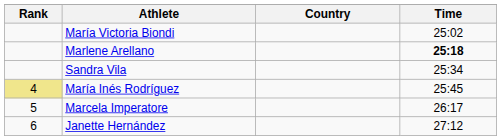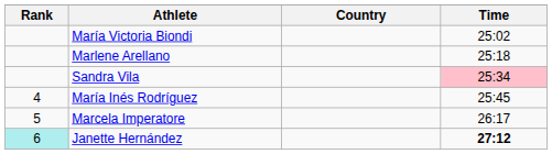 <table class="wikitable sortable" style=" text-align:center; font-size:95%;" width="50%">
 <tr>
 </tr>
 <tr>
 <th width=5%>Rank</th>
 <th width=20%>Athlete</th>
 <th width=15%>Country</th>
 <th width=10%>Time</th>
 </tr>
 <tr>
 <td align=center></td>
 <td align=left><a href='#'>María Victoria Biondi</a></td>
 <td align=left></td>
 <td>25:02</td>
 </tr>
 <tr>
 <td align=center></td>
 <td align=left><a href='#'>Marlene Arellano</a></td>
 <td align=left></td>
-<td><strong>25:18</strong></td>
+<td>25:18</td>
 </tr>
 <tr>
 <td align=center></td>
 <td align=left><a href='#'>Sandra Vila</a></td>
 <td align=left></td>
-<td>25:34</td>
+<td style="background: pink;">25:34</td>
 </tr>
 <tr>
-<td align=center style="background: khaki;">4</td>
+<td align=center>4</td>
 <td align=left><a href='#'>María Inés Rodríguez</a></td>
 <td align=left></td>
 <td>25:45</td>
 </tr>
 <tr>
 <td align=center>5</td>
 <td align=left><a href='#'>Marcela Imperatore</a></td>
 <td align=left></td>
 <td>26:17</td>
 </tr>
 <tr>
-<td align=center>6</td>
+<td align=center style="background: paleturquoise;">6</td>
 <td align=left><a href='#'>Janette Hernández</a></td>
 <td align=left></td>
-<td>27:12</td>
+<td><strong>27:12</strong></td>
 </tr>
 </table>
